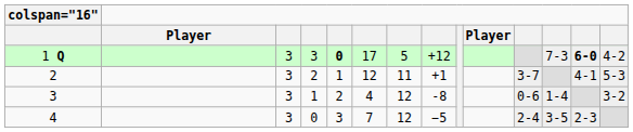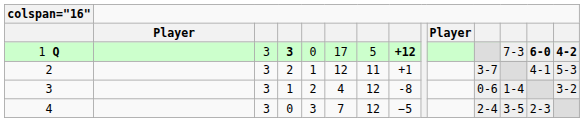 <table class=wikitable style=text-align:center>
 <tr>
 <th>colspan="16" </th>
 </tr>
 <tr>
 <th width=20 abbr=Position></th>
 <th width=175>Player</th>
 <th width=20 abbr=Played></th>
 <th width=20 abbr=Won></th>
 <th width=20 abbr=Lost></th>
 <th width=30 abbr=Points for></th>
 <th width=30 abbr=Points against></th>
 <th width=30 abbr=Points difference></th>
 <th rowspan="5" abbr=H2H></th>
 <th>Player</th>
 <th></th>
 <th></th>
 <th></th>
 <th></th>
 </tr>
 <tr bgcolor=#CCFFCC>
 <td>1 <strong>Q</strong></td>
 <td align=left></td>
 <td>3</td>
-<td>3</td>
-<td><strong>0</strong></td>
+<td><strong>3</strong></td>
+<td>0</td>
 <td>17</td>
 <td>5</td>
-<td>+12</td>
+<td><strong>+12</strong></td>
 <td></td>
 <td bgcolor="#dddddd"> </td>
 <td bgcolor="#efefef">7-3</td>
 <td bgcolor="#efefef"><strong>6-0</strong></td>
-<td bgcolor="#efefef">4-2</td>
+<td bgcolor="#efefef"><strong>4-2</strong></td>
 </tr>
 <tr>
 <td>2  </td>
 <td align=left></td>
 <td>3</td>
 <td>2</td>
 <td>1</td>
 <td>12</td>
 <td>11</td>
 <td>+1</td>
 <td></td>
 <td bgcolor="#efefef">3-7</td>
 <td bgcolor="#dddddd"> </td>
 <td bgcolor="#efefef">4-1</td>
 <td bgcolor="#efefef">5-3</td>
 </tr>
 <tr>
 <td>3 </td>
 <td align=left></td>
 <td>3</td>
 <td>1</td>
 <td>2</td>
 <td>4</td>
 <td>12</td>
 <td>-8</td>
 <td></td>
 <td bgcolor="#efefef">0-6</td>
 <td bgcolor="#efefef">1-4</td>
 <td bgcolor="#dddddd"> </td>
 <td bgcolor="#efefef">3-2</td>
 </tr>
 <tr>
 <td>4 </td>
 <td align=left></td>
 <td>3</td>
 <td>0</td>
 <td>3</td>
 <td>7</td>
 <td>12</td>
 <td>−5</td>
 <td></td>
 <td bgcolor="#efefef">2-4</td>
 <td bgcolor="#efefef">3-5</td>
 <td bgcolor="#efefef">2-3</td>
 <td bgcolor="#dddddd"> </td>
 </tr>
 </table>
